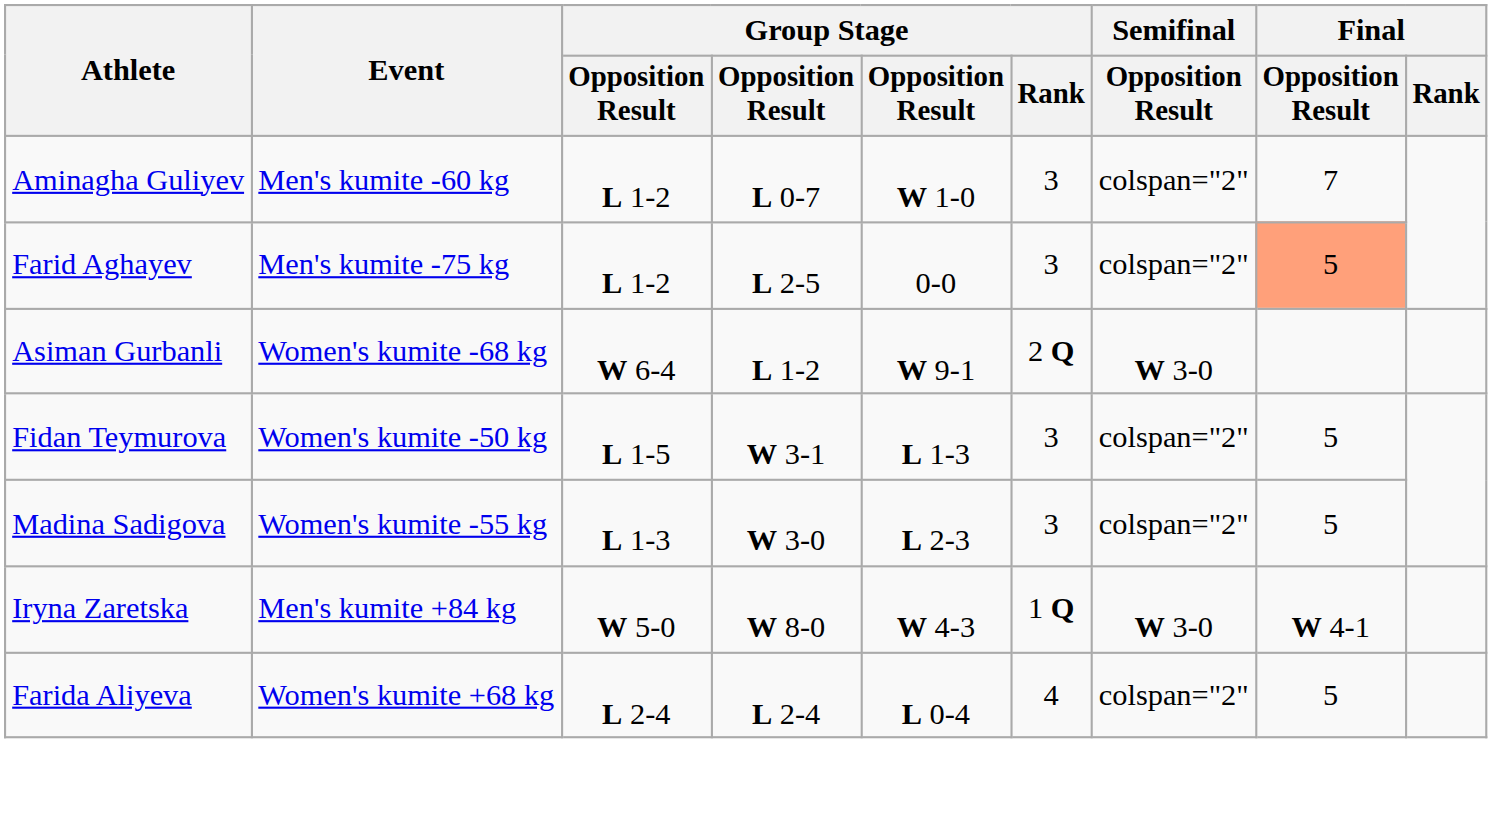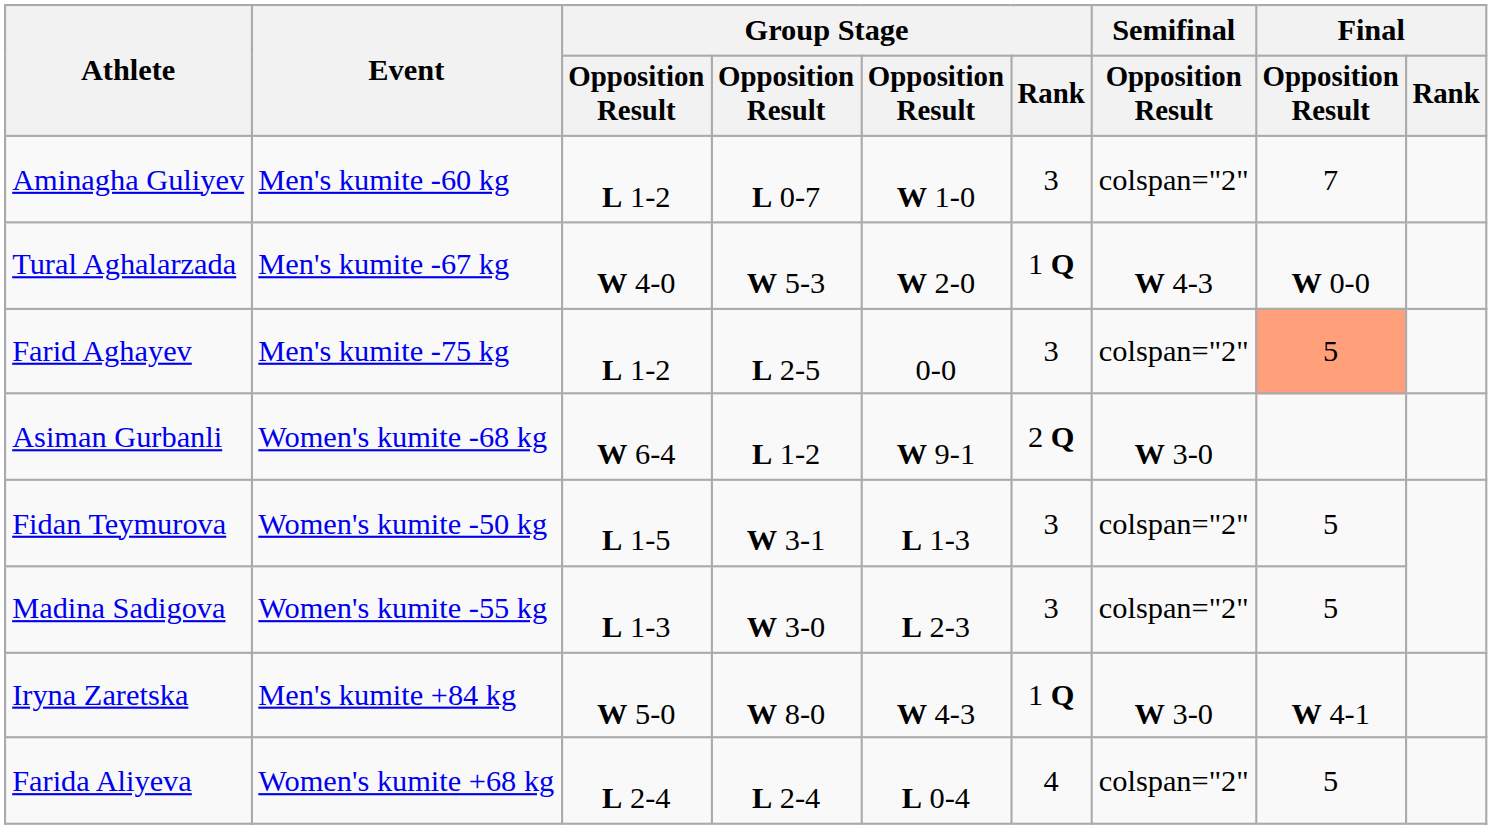 <table class="wikitable" style="text-align:center; font-size: 90%">
 <tr>
 <th rowspan="2">Athlete</th>
 <th rowspan="2">Event</th>
 <th colspan="4">Group Stage</th>
 <th>Semifinal</th>
 <th colspan="2">Final</th>
 </tr>
 <tr style="font-size:95%">
 <th>Opposition<br>Result</th>
 <th>Opposition<br>Result</th>
 <th>Opposition<br>Result</th>
 <th>Rank</th>
 <th>Opposition<br>Result</th>
 <th>Opposition<br>Result</th>
 <th>Rank</th>
 </tr>
 <tr>
 <td align="left"><a href='#'>Aminagha Guliyev</a></td>
 <td align="left"><a href='#'>Men's kumite -60 kg</a></td>
 <td><br><strong>L</strong> 1-2</td>
 <td><br><strong>L</strong> 0-7</td>
 <td><br><strong>W</strong> 1-0</td>
 <td>3</td>
 <td>colspan="2" </td>
 <td>7</td>
+</tr>
+<tr>
+<td align="left"><a href='#'>Tural Aghalarzada</a></td>
+<td align="left"><a href='#'>Men's kumite -67 kg</a></td>
+<td><br><strong>W</strong> 4-0</td>
+<td><br><strong>W</strong> 5-3</td>
+<td><br><strong>W</strong> 2-0</td>
+<td>1 <strong>Q</strong></td>
+<td><br><strong>W</strong> 4-3</td>
+<td><br><strong>W</strong> 0-0</td>
+<td></td>
 </tr>
 <tr>
 <td align="left"><a href='#'>Farid Aghayev</a></td>
 <td align="left"><a href='#'>Men's kumite -75 kg</a></td>
 <td><br><strong>L</strong> 1-2</td>
 <td><br><strong>L</strong> 2-5</td>
 <td><br>0-0</td>
 <td>3</td>
 <td>colspan="2" </td>
 <td style="background: lightsalmon;">5</td>
 </tr>
 <tr>
 <td align="left"><a href='#'>Asiman Gurbanli</a></td>
 <td align="left"><a href='#'>Women's kumite -68 kg</a></td>
 <td><br><strong>W</strong> 6-4</td>
 <td><br><strong>L</strong> 1-2</td>
 <td><br><strong>W</strong> 9-1</td>
 <td>2 <strong>Q</strong></td>
 <td><br><strong>W</strong> 3-0</td>
 <td></td>
 <td></td>
 </tr>
 <tr>
 <td align="left"><a href='#'>Fidan Teymurova</a></td>
 <td align="left"><a href='#'>Women's kumite -50 kg</a></td>
 <td><br><strong>L</strong> 1-5</td>
 <td><br><strong>W</strong> 3-1</td>
 <td><br><strong>L</strong> 1-3</td>
 <td>3</td>
 <td>colspan="2" </td>
 <td>5</td>
 </tr>
 <tr>
 <td align="left"><a href='#'>Madina Sadigova</a></td>
 <td align="left"><a href='#'>Women's kumite -55 kg</a></td>
 <td><br><strong>L</strong> 1-3</td>
 <td><br><strong>W</strong> 3-0</td>
 <td><br><strong>L</strong> 2-3</td>
 <td>3</td>
 <td>colspan="2" </td>
 <td>5</td>
 </tr>
 <tr>
 <td align="left"><a href='#'>Iryna Zaretska</a></td>
 <td align="left"><a href='#'>Men's kumite +84 kg</a></td>
 <td><br><strong>W</strong> 5-0</td>
 <td><br><strong>W</strong> 8-0</td>
 <td><br><strong>W</strong> 4-3</td>
 <td>1 <strong>Q</strong></td>
 <td><br><strong>W</strong> 3-0</td>
 <td><br><strong>W</strong> 4-1</td>
 <td></td>
 </tr>
 <tr>
 <td align="left"><a href='#'>Farida Aliyeva</a></td>
 <td align="left"><a href='#'>Women's kumite +68 kg</a></td>
 <td><br><strong>L</strong> 2-4</td>
 <td><br><strong>L</strong> 2-4</td>
 <td><br><strong>L</strong> 0-4</td>
 <td>4</td>
 <td>colspan="2" </td>
 <td>5</td>
 </tr>
 </table>
